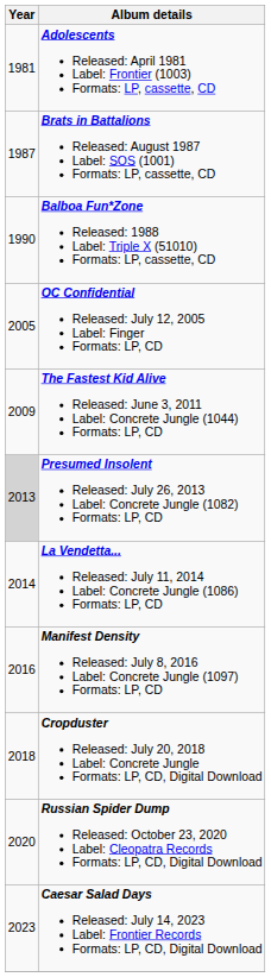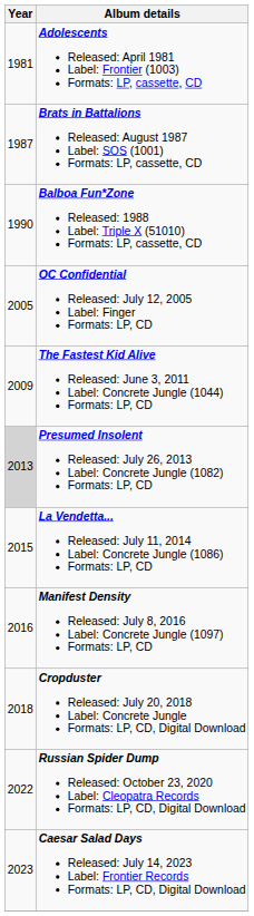 <table class ="wikitable">
 <tr>
 <th>Year</th>
 <th>Album details</th>
 </tr>
 <tr>
 <td>1981</td>
 <td><strong><em><a href='#'>Adolescents</a></em></strong><br><ul><li>Released: April 1981</li><li>Label: <a href='#'>Frontier</a> (1003)</li><li>Formats: <a href='#'>LP</a>, <a href='#'>cassette</a>, <a href='#'>CD</a></li></ul></td>
 </tr>
 <tr>
 <td>1987</td>
 <td><strong><em><a href='#'>Brats in Battalions</a></em></strong><br><ul><li>Released: August 1987</li><li>Label: <a href='#'>SOS</a> (1001)</li><li>Formats: LP, cassette, CD</li></ul></td>
 </tr>
 <tr>
 <td>1990</td>
 <td><strong><em><a href='#'>Balboa Fun*Zone</a></em></strong><br><ul><li>Released: 1988</li><li>Label: <a href='#'>Triple X</a> (51010)</li><li>Formats: LP, cassette, CD</li></ul></td>
 </tr>
 <tr>
 <td>2005</td>
 <td><strong><em><a href='#'>OC Confidential</a></em></strong><br><ul><li>Released: July 12, 2005</li><li>Label: Finger</li><li>Formats: LP, CD</li></ul></td>
 </tr>
 <tr>
 <td>2009</td>
 <td><strong><em><a href='#'>The Fastest Kid Alive</a></em></strong><br><ul><li>Released: June 3, 2011</li><li>Label: Concrete Jungle (1044)</li><li>Formats: LP, CD</li></ul></td>
 </tr>
 <tr>
 <td style="background: lightgrey;">2013</td>
 <td><strong><em><a href='#'>Presumed Insolent</a></em></strong><br><ul><li>Released: July 26, 2013</li><li>Label: Concrete Jungle (1082)</li><li>Formats: LP, CD</li></ul></td>
 </tr>
 <tr>
-<td>2014</td>
+<td>2015</td>
 <td><strong><em><a href='#'>La Vendetta...</a></em></strong><br><ul><li>Released: July 11, 2014</li><li>Label: Concrete Jungle (1086)</li><li>Formats: LP, CD</li></ul></td>
 </tr>
 <tr>
 <td>2016</td>
 <td><strong><em>Manifest Density</em></strong><br><ul><li>Released: July 8, 2016</li><li>Label: Concrete Jungle (1097)</li><li>Formats: LP, CD</li></ul></td>
 </tr>
 <tr>
 <td>2018</td>
 <td><strong><em>Cropduster</em></strong><br><ul><li>Released: July 20, 2018</li><li>Label: Concrete Jungle</li><li>Formats: LP, CD, Digital Download</li></ul></td>
 </tr>
 <tr>
-<td>2020</td>
+<td>2022</td>
 <td><strong><em>Russian Spider Dump</em></strong><br><ul><li>Released: October 23, 2020</li><li>Label: <a href='#'>Cleopatra Records</a></li><li>Formats: LP, CD, Digital Download</li></ul></td>
 </tr>
 <tr>
 <td>2023</td>
 <td><strong><em>Caesar Salad Days</em></strong><br><ul><li>Released: July 14, 2023</li><li>Label: <a href='#'>Frontier Records</a></li><li>Formats: LP, CD, Digital Download</li></ul></td>
 </tr>
 <tr>
 </tr>
 </table>
